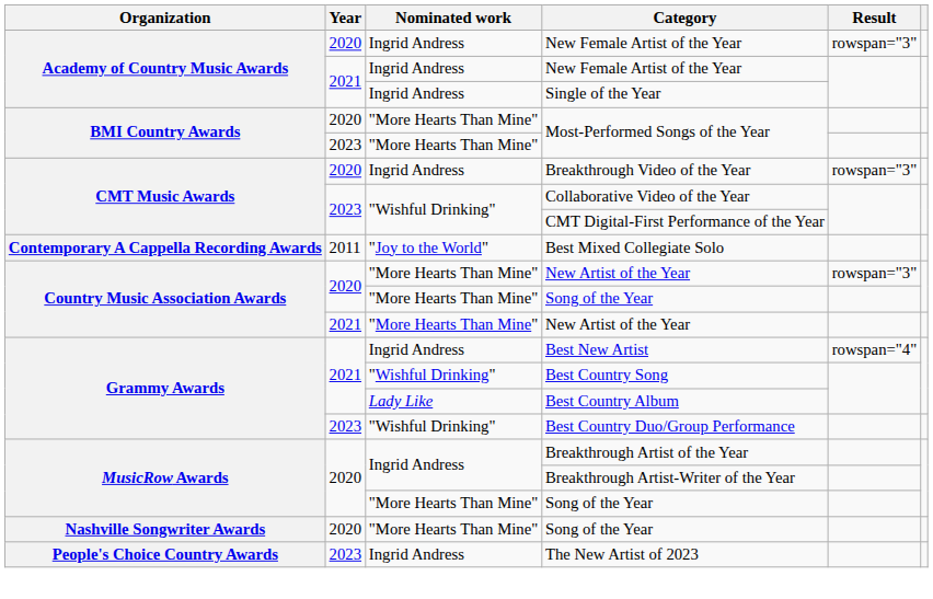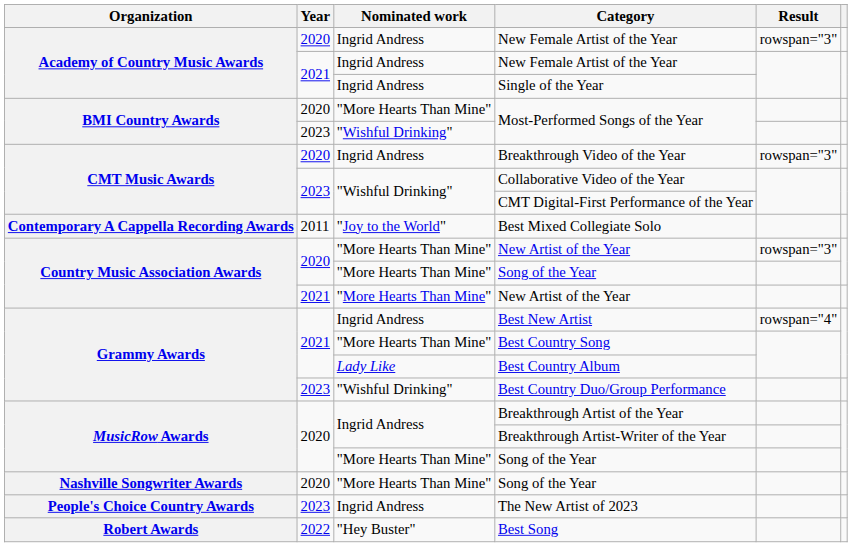 <table class="wikitable plainrowheaders sortable">
 <tr>
 <th scope="col">Organization</th>
 <th scope="col">Year</th>
 <th scope="col">Nominated work</th>
 <th scope="col">Category</th>
 <th scope="col">Result</th>
 <th scope="col" class="unsortable"></th>
 </tr>
 <tr>
 <th scope="row" rowspan="3"><a href='#'>Academy of Country Music Awards</a></th>
 <td><a href='#'>2020</a></td>
 <td>Ingrid Andress</td>
 <td>New Female Artist of the Year</td>
 <td>rowspan="3" </td>
 <td align="center"></td>
 </tr>
 <tr>
 <td rowspan="2"><a href='#'>2021</a></td>
 <td>Ingrid Andress</td>
 <td>New Female Artist of the Year</td>
 <td align="center" rowspan="2"></td>
 </tr>
 <tr>
 <td>Ingrid Andress</td>
 <td>Single of the Year</td>
 </tr>
 <tr>
 <th scope="row" rowspan="2"><a href='#'>BMI Country Awards</a></th>
 <td>2020</td>
 <td>"More Hearts Than Mine"</td>
 <td rowspan="2">Most-Performed Songs of the Year</td>
 <td></td>
 <td align="center"></td>
 </tr>
 <tr>
 <td>2023</td>
-<td>"More Hearts Than Mine"</td>
+<td>"<a href='#'>Wishful Drinking</a>"</td>
 <td></td>
 <td align="center"></td>
 </tr>
 <tr>
 <th scope="row" rowspan="3"><a href='#'>CMT Music Awards</a></th>
 <td><a href='#'>2020</a></td>
 <td>Ingrid Andress</td>
 <td>Breakthrough Video of the Year</td>
 <td>rowspan="3" </td>
 <td align="center"></td>
 </tr>
 <tr>
 <td rowspan="2"><a href='#'>2023</a></td>
 <td rowspan="2">"Wishful Drinking"</td>
 <td>Collaborative Video of the Year</td>
 <td align="center" rowspan="2"></td>
 </tr>
 <tr>
 <td>CMT Digital-First Performance of the Year</td>
 </tr>
 <tr>
 <th scope="row"><a href='#'>Contemporary A Cappella Recording Awards</a></th>
 <td>2011</td>
 <td>"<a href='#'>Joy to the World</a>"</td>
 <td>Best Mixed Collegiate Solo</td>
 <td></td>
 <td align="center"></td>
 </tr>
 <tr>
 <th scope="row" rowspan="3"><a href='#'>Country Music Association Awards</a></th>
 <td rowspan="2"><a href='#'>2020</a></td>
 <td>"More Hearts Than Mine"</td>
 <td><a href='#'>New Artist of the Year</a></td>
 <td>rowspan="3" </td>
 <td rowspan="2" align="center"></td>
 </tr>
 <tr>
 <td>"More Hearts Than Mine"</td>
 <td><a href='#'>Song of the Year</a></td>
 </tr>
 <tr>
 <td><a href='#'>2021</a></td>
 <td>"<a href='#'>More Hearts Than Mine</a>"</td>
 <td>New Artist of the Year</td>
 <td align="center"></td>
 </tr>
 <tr>
 <th scope="row" rowspan="4"><a href='#'>Grammy Awards</a></th>
 <td rowspan="3"><a href='#'>2021</a></td>
 <td>Ingrid Andress</td>
 <td><a href='#'>Best New Artist</a></td>
 <td>rowspan="4" </td>
 <td rowspan="3" align="center"></td>
 </tr>
 <tr>
-<td>"<a href='#'>Wishful Drinking</a>"</td>
+<td>"More Hearts Than Mine"</td>
 <td><a href='#'>Best Country Song</a></td>
 </tr>
 <tr>
 <td><em><a href='#'>Lady Like</a></em></td>
 <td><a href='#'>Best Country Album</a></td>
 </tr>
 <tr>
 <td><a href='#'>2023</a></td>
 <td>"Wishful Drinking"</td>
 <td><a href='#'>Best Country Duo/Group Performance</a></td>
 <td align="center"></td>
 </tr>
 <tr>
 <th scope="row" rowspan="3"><a href='#'><em>MusicRow</em> Awards</a></th>
 <td rowspan="3">2020</td>
 <td rowspan="2">Ingrid Andress</td>
 <td>Breakthrough Artist of the Year</td>
 <td></td>
 <td align="center" rowspan="3"></td>
 </tr>
 <tr>
 <td>Breakthrough Artist-Writer of the Year</td>
 <td></td>
 </tr>
 <tr>
 <td>"More Hearts Than Mine"</td>
 <td>Song of the Year</td>
 <td></td>
 </tr>
 <tr>
 <th scope="row"><a href='#'>Nashville Songwriter Awards</a></th>
 <td>2020</td>
 <td>"More Hearts Than Mine"</td>
 <td>Song of the Year</td>
 <td></td>
 <td align="center"></td>
 </tr>
 <tr>
 <th scope="row"><a href='#'>People's Choice Country Awards</a></th>
 <td><a href='#'>2023</a></td>
 <td>Ingrid Andress</td>
 <td>The New Artist of 2023</td>
 <td></td>
 <td align="center"></td>
 </tr>
+<tr>
+<th scope="row"><a href='#'>Robert Awards</a></th>
+<td><a href='#'>2022</a></td>
+<td>"Hey Buster"</td>
+<td><a href='#'>Best Song</a></td>
+<td></td>
+<td align="center"></td>
+</tr>
 </table>
